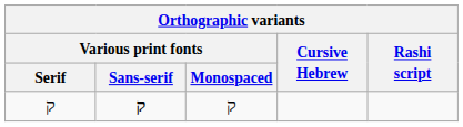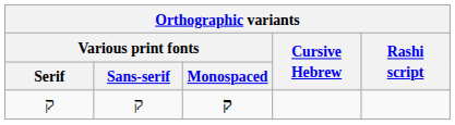 <table class="wikitable" style="text-align:center;">
 <tr>
 <th colspan="5"><small><a href='#'>Orthographic</a> variants</small></th>
 </tr>
 <tr>
 <th colspan="3"><small>Various print fonts</small></th>
 <th rowspan="2"><small><a href='#'>Cursive<br>Hebrew</a></small></th>
 <th rowspan="2"><small><a href='#'>Rashi<br>script</a></small></th>
 </tr>
 <tr>
 <th><small>Serif</small></th>
 <th><small><a href='#'>Sans-serif</a></small></th>
 <th><small><a href='#'>Monospaced</a></small></th>
 </tr>
 <tr>
 <td width="20%"><span>ק</span></td>
+<td width="20%"><span>ק</span></td>
 <td width="20%"><strong><span>ק</span></strong></td>
-<td width="20%"><span>ק</span></td>
 <td width="20%"></td>
 <td width="20%"></td>
 </tr>
 </table>
